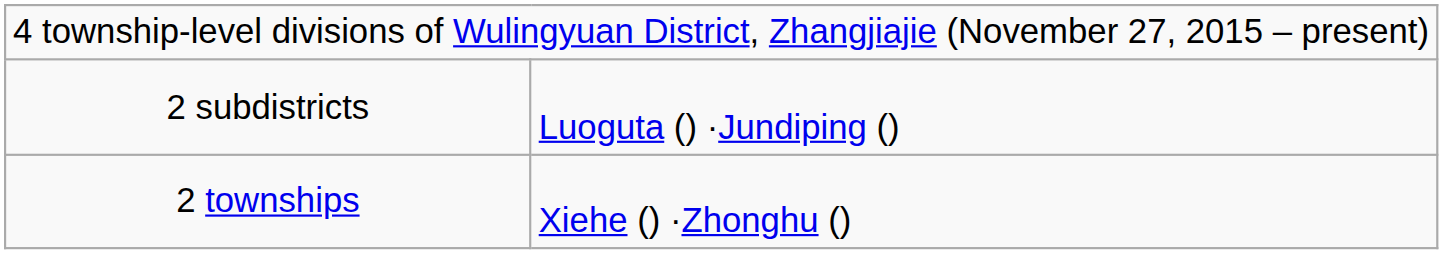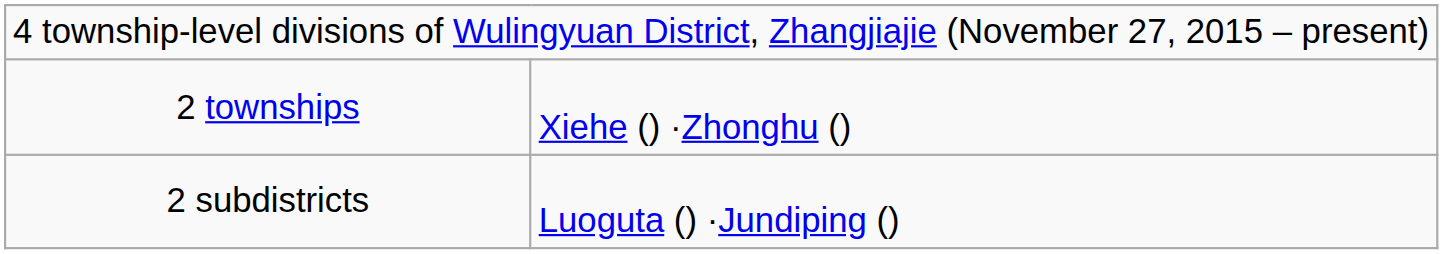 <table class="wikitable">
 <tr>
 <td style="text-align:center;" colspan="2">4 township-level divisions of <a href='#'>Wulingyuan District</a>, <a href='#'>Zhangjiajie</a> (November 27, 2015 – present)</td>
 </tr>
 <tr align=left>
+<td align=center>2 <a href='#'>townships</a></td>
+<td><br><a href='#'>Xiehe</a> () ·<a href='#'>Zhonghu</a> ()</td>
+</tr>
+<tr align=left>
 <td align=center>2 subdistricts</td>
 <td><br><a href='#'>Luoguta</a> () ·<a href='#'>Jundiping</a> ()</td>
 </tr>
-<tr align=left>
-<td align=center>2 <a href='#'>townships</a></td>
-<td><br><a href='#'>Xiehe</a> () ·<a href='#'>Zhonghu</a> ()</td>
-</tr>
 </table>
